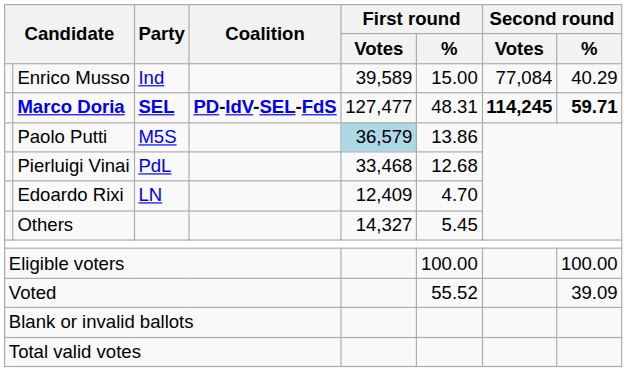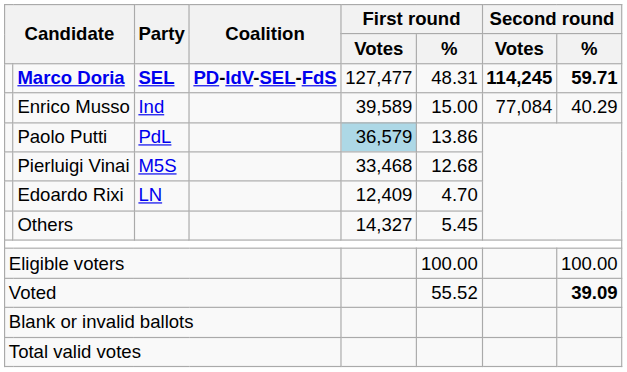 <table class="wikitable centre">
 <tr>
 <th scope="col" rowspan=2 colspan=2>Candidate</th>
 <th scope="col" rowspan=2 colspan=1>Party</th>
 <th scope="col" rowspan=2 colspan=1>Coalition</th>
 <th scope="col" colspan=2>First round</th>
 <th scope="col" colspan=2>Second round</th>
 </tr>
 <tr>
 <th scope="col">Votes</th>
 <th scope="col">%</th>
 <th scope="col">Votes</th>
 <th scope="col">%</th>
 </tr>
 <tr>
 <td></td>
+<td><strong><a href='#'>Marco Doria</a></strong></td>
+<td><strong><a href='#'>SEL</a></strong></td>
+<td><strong><a href='#'>PD</a>-<a href='#'>IdV</a>-<a href='#'>SEL</a>-<a href='#'>FdS</a></strong></td>
+<td style="text-align: right">127,477</td>
+<td style="text-align: right">48.31</td>
+<td style="text-align: right"><strong>114,245</strong></td>
+<td style="text-align: right"><strong>59.71</strong></td>
+</tr>
+<tr>
+<td></td>
 <td>Enrico Musso</td>
 <td><a href='#'>Ind</a></td>
 <td></td>
 <td style="text-align: right">39,589</td>
 <td style="text-align: right">15.00</td>
 <td style="text-align: right">77,084</td>
 <td style="text-align: right">40.29</td>
 </tr>
 <tr>
 <td></td>
-<td><strong><a href='#'>Marco Doria</a></strong></td>
-<td><strong><a href='#'>SEL</a></strong></td>
-<td><strong><a href='#'>PD</a>-<a href='#'>IdV</a>-<a href='#'>SEL</a>-<a href='#'>FdS</a></strong></td>
-<td style="text-align: right">127,477</td>
-<td style="text-align: right">48.31</td>
-<td style="text-align: right"><strong>114,245</strong></td>
-<td style="text-align: right"><strong>59.71</strong></td>
-</tr>
-<tr>
-<td></td>
 <td>Paolo Putti</td>
-<td><a href='#'>M5S</a></td>
+<td><a href='#'>PdL</a></td>
 <td></td>
 <td style="background: lightblue; text-align: right">36,579</td>
 <td style="text-align: right">13.86</td>
 </tr>
 <tr>
 <td></td>
 <td>Pierluigi Vinai</td>
-<td><a href='#'>PdL</a></td>
+<td><a href='#'>M5S</a></td>
 <td></td>
 <td style="text-align: right">33,468</td>
 <td style="text-align: right">12.68</td>
 </tr>
 <tr>
 <td></td>
 <td>Edoardo Rixi</td>
 <td><a href='#'>LN</a></td>
 <td></td>
 <td style="text-align: right">12,409</td>
 <td style="text-align: right">4.70</td>
 </tr>
 <tr>
 <td bgcolor=""></td>
 <td>Others</td>
 <td></td>
 <td></td>
 <td style="text-align: right">14,327</td>
 <td style="text-align: right">5.45</td>
 </tr>
 <tr bgcolor=white>
 <td colspan=8></td>
 </tr>
 <tr>
 <td colspan=4>Eligible voters</td>
 <td style="text-align: right"></td>
 <td style="text-align: right">100.00</td>
 <td style="text-align: right"></td>
 <td style="text-align: right">100.00</td>
 </tr>
 <tr>
 <td colspan=4>Voted</td>
 <td style="text-align: right"></td>
 <td style="text-align: right">55.52</td>
 <td style="text-align: right"></td>
-<td style="text-align: right">39.09</td>
+<td style="text-align: right"><strong>39.09</strong></td>
 </tr>
 <tr>
 <td colspan=4>Blank or invalid ballots</td>
 <td style="text-align: right"></td>
 <td style="text-align: right"></td>
 <td style="text-align: right"></td>
 <td style="text-align: right"></td>
 </tr>
 <tr>
 <td colspan=4>Total valid votes</td>
 <td style="text-align: right"></td>
 <td style="text-align: right"></td>
 <td style="text-align: right"></td>
 <td style="text-align: right"></td>
 </tr>
 </table>
